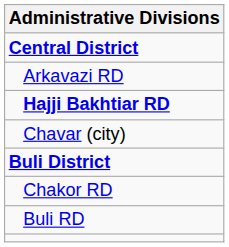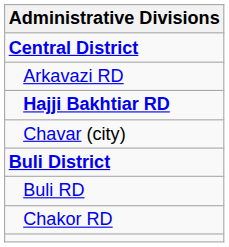 <table class="wikitable">
 <tr>
 <th>Administrative Divisions</th>
 </tr>
 <tr>
 <td><strong><a href='#'>Central District</a></strong></td>
 </tr>
 <tr>
 <td style="padding-left: 1em;"><a href='#'>Arkavazi RD</a></td>
 </tr>
 <tr>
 <td style="padding-left: 1em;"><strong><a href='#'>Hajji Bakhtiar RD</a></strong></td>
 </tr>
 <tr>
 <td style="padding-left: 1em;"><a href='#'>Chavar</a> (city)</td>
 </tr>
 <tr>
 <td><strong><a href='#'>Buli District</a></strong></td>
 </tr>
 <tr>
-<td style="padding-left: 1em;"><a href='#'>Chakor RD</a></td>
+<td style="padding-left: 1em;"><a href='#'>Buli RD</a></td>
 </tr>
 <tr>
-<td style="padding-left: 1em;"><a href='#'>Buli RD</a></td>
+<td style="padding-left: 1em;"><a href='#'>Chakor RD</a></td>
 </tr>
 <tr>
 <td colspan=1></td>
 </tr>
 </table>
